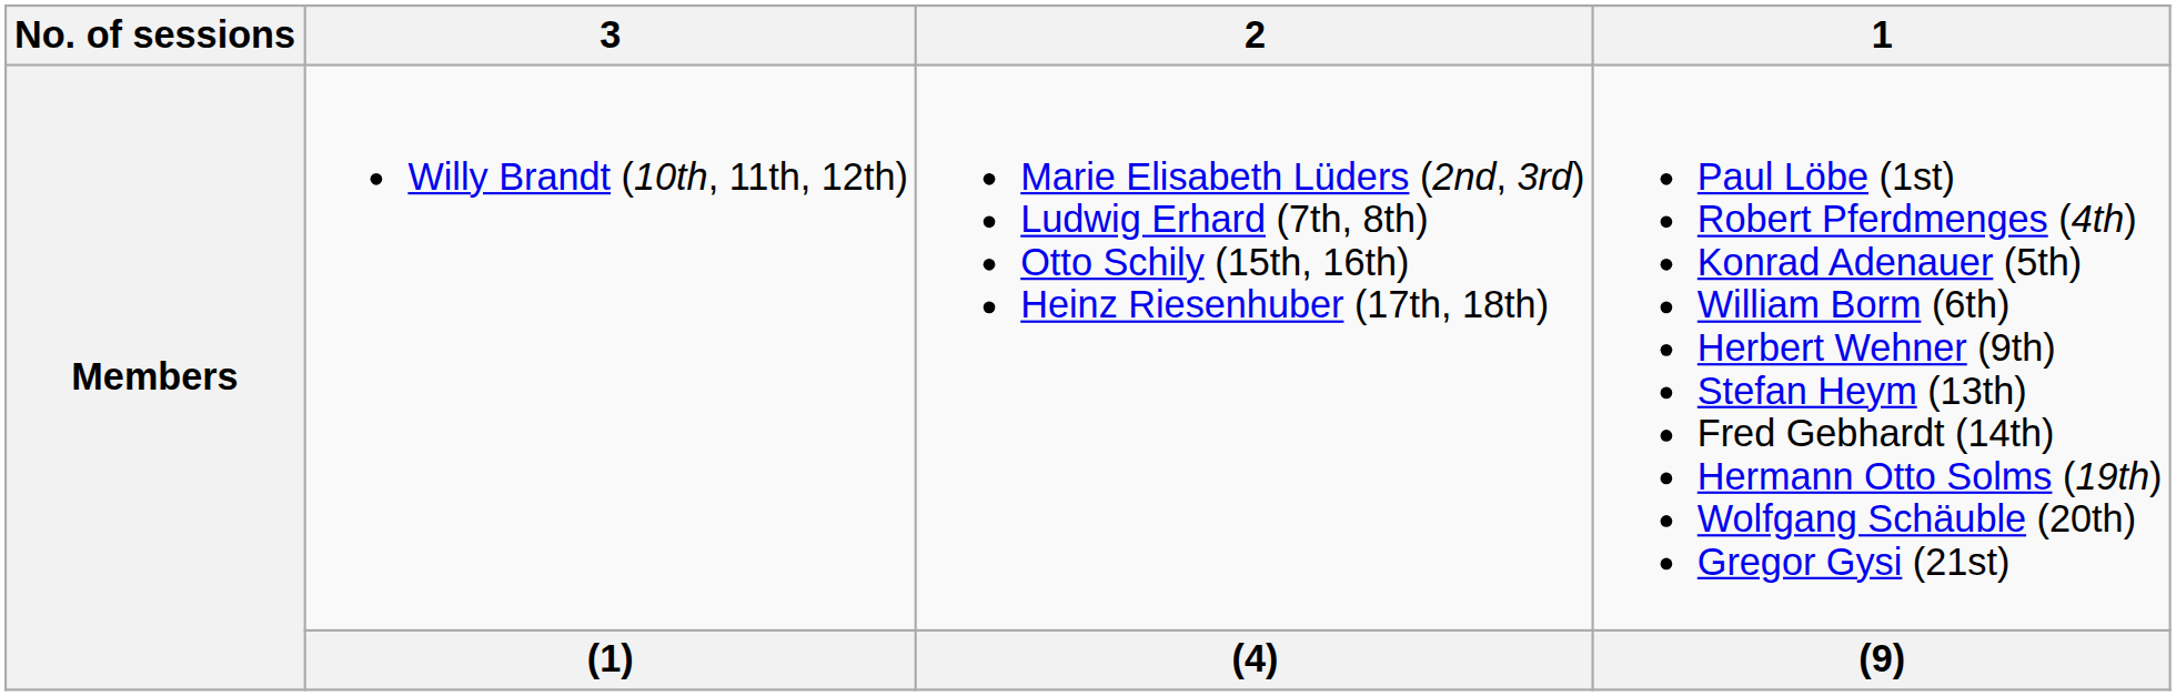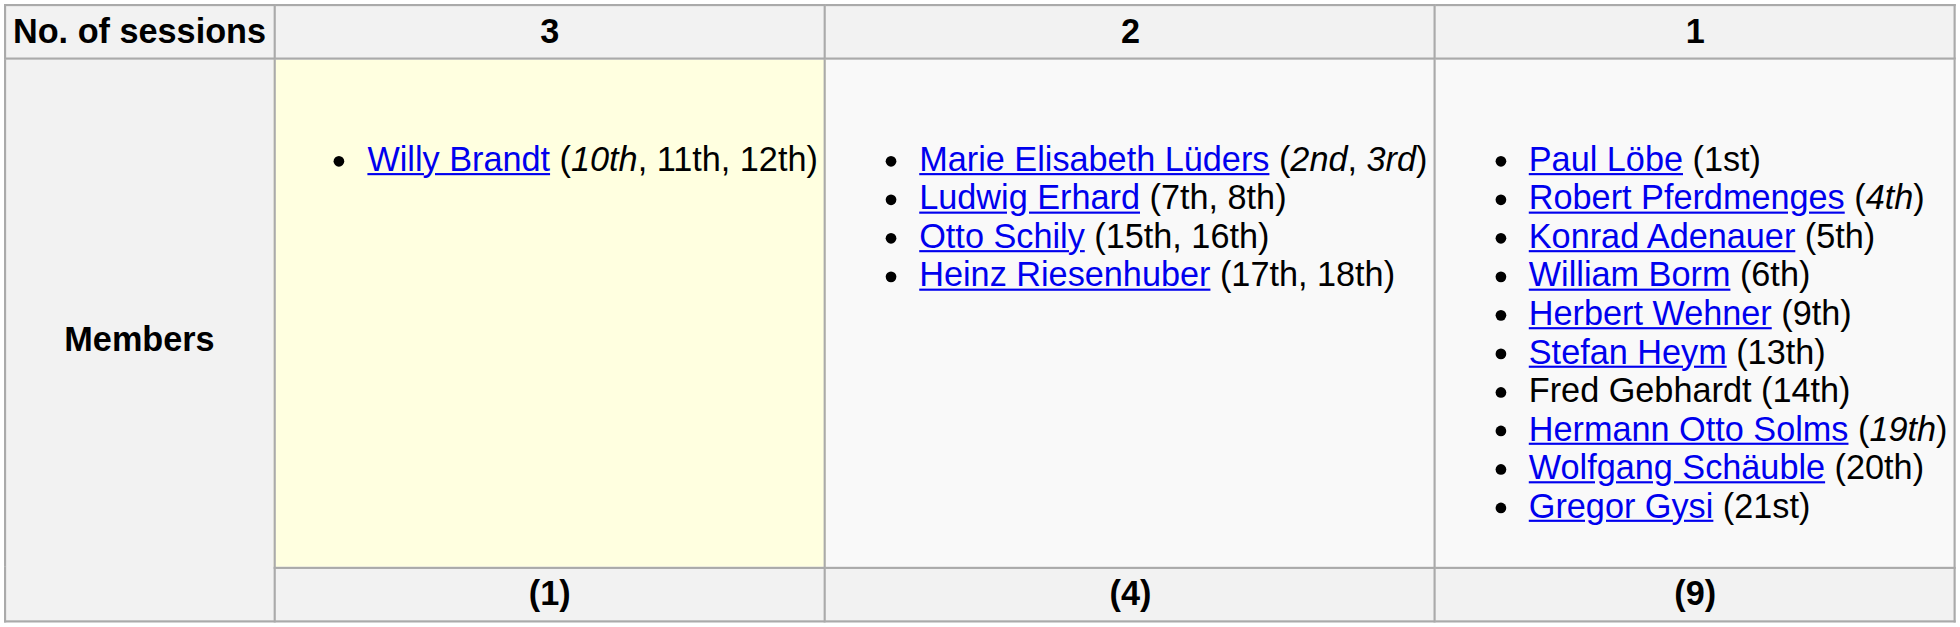 <table class=wikitable>
 <tr>
 <th>No. of sessions</th>
 <th>3</th>
 <th>2</th>
 <th>1</th>
 </tr>
 <tr>
 <th rowspan=2>Members</th>
-<td valign=top><br><ul><li><a href='#'>Willy Brandt</a> (<em>10th</em>, 11th, 12th)</li></ul></td>
+<td valign=top style="background: lightyellow;"><br><ul><li><a href='#'>Willy Brandt</a> (<em>10th</em>, 11th, 12th)</li></ul></td>
 <td valign=top><br><ul><li><a href='#'>Marie Elisabeth Lüders</a> (<em>2nd</em>, <em>3rd</em>)</li><li><a href='#'>Ludwig Erhard</a> (7th, 8th)</li><li><a href='#'>Otto Schily</a> (15th, 16th)</li><li><a href='#'>Heinz Riesenhuber</a> (17th, 18th)</li></ul></td>
 <td valign=top><br><ul><li><a href='#'>Paul Löbe</a> (1st)</li><li><a href='#'>Robert Pferdmenges</a> (<em>4th</em>)</li><li><a href='#'>Konrad Adenauer</a> (5th)</li><li><a href='#'>William Borm</a> (6th)</li><li><a href='#'>Herbert Wehner</a> (9th)</li><li><a href='#'>Stefan Heym</a> (13th)</li><li>Fred Gebhardt (14th)</li><li><a href='#'>Hermann Otto Solms</a> (<em>19th</em>)</li><li><a href='#'>Wolfgang Schäuble</a> (20th)</li><li><a href='#'>Gregor Gysi</a> (21st)</li></ul></td>
 </tr>
 <tr>
 <th>(1)</th>
 <th>(4)</th>
 <th>(9)</th>
 </tr>
 </table>
